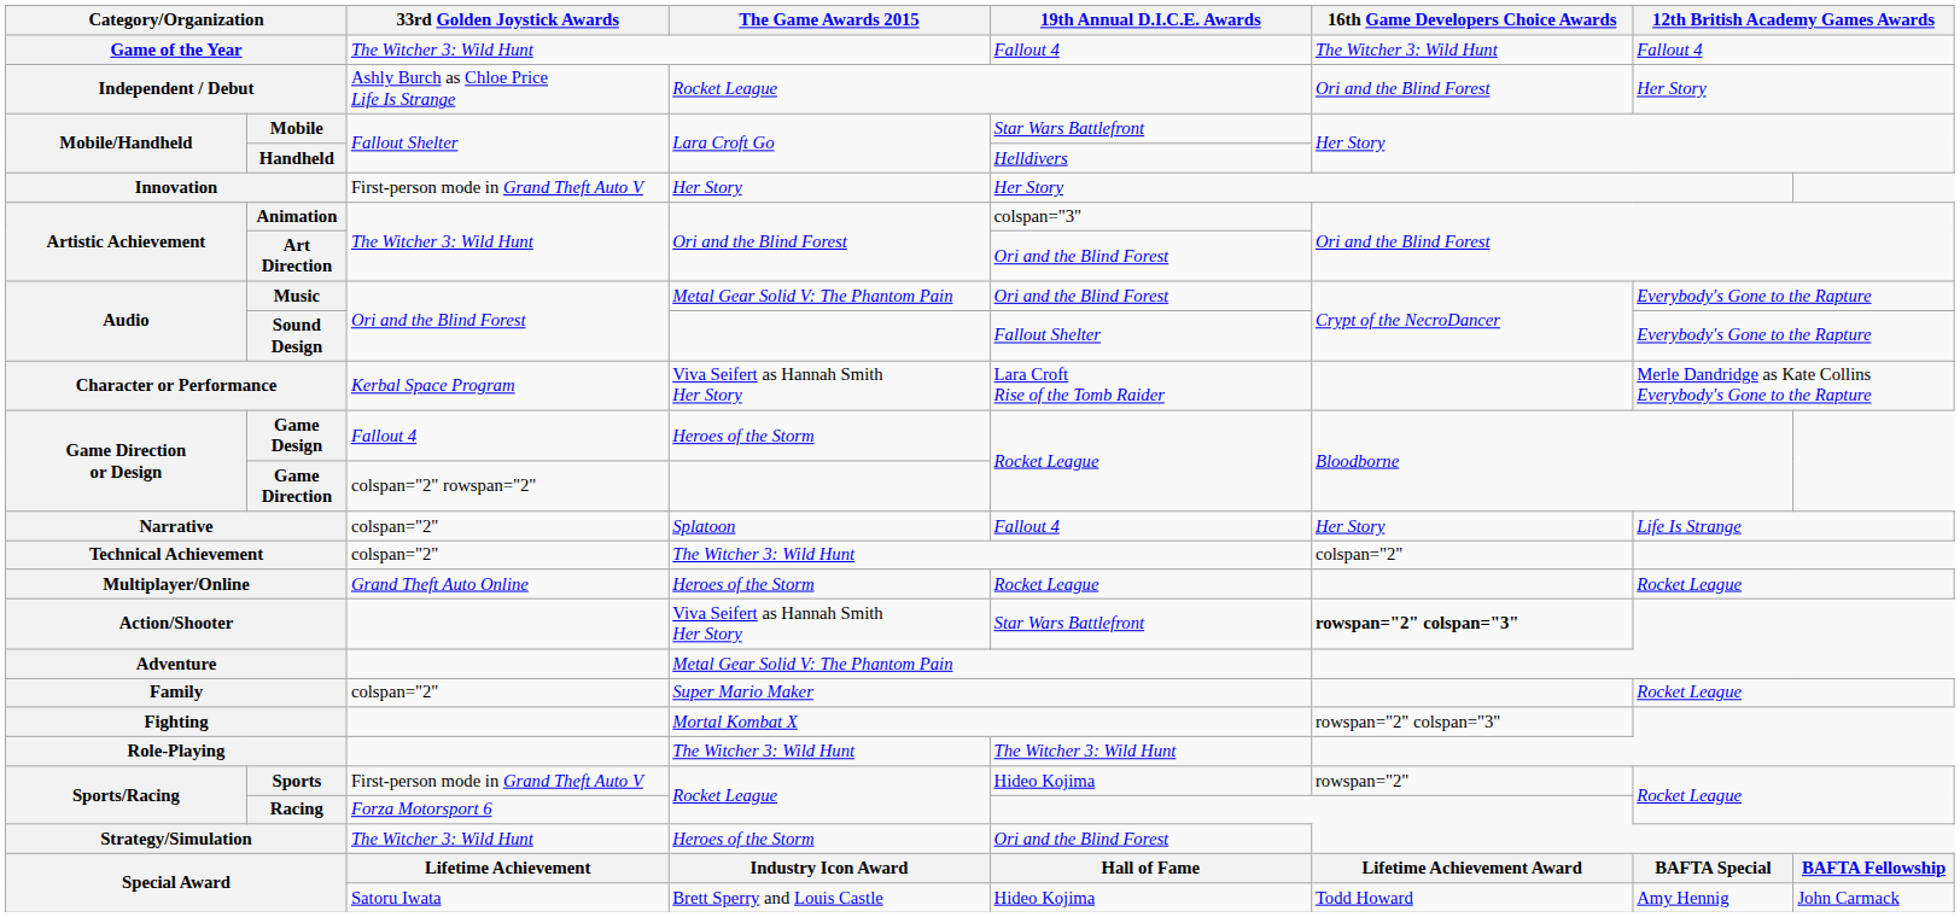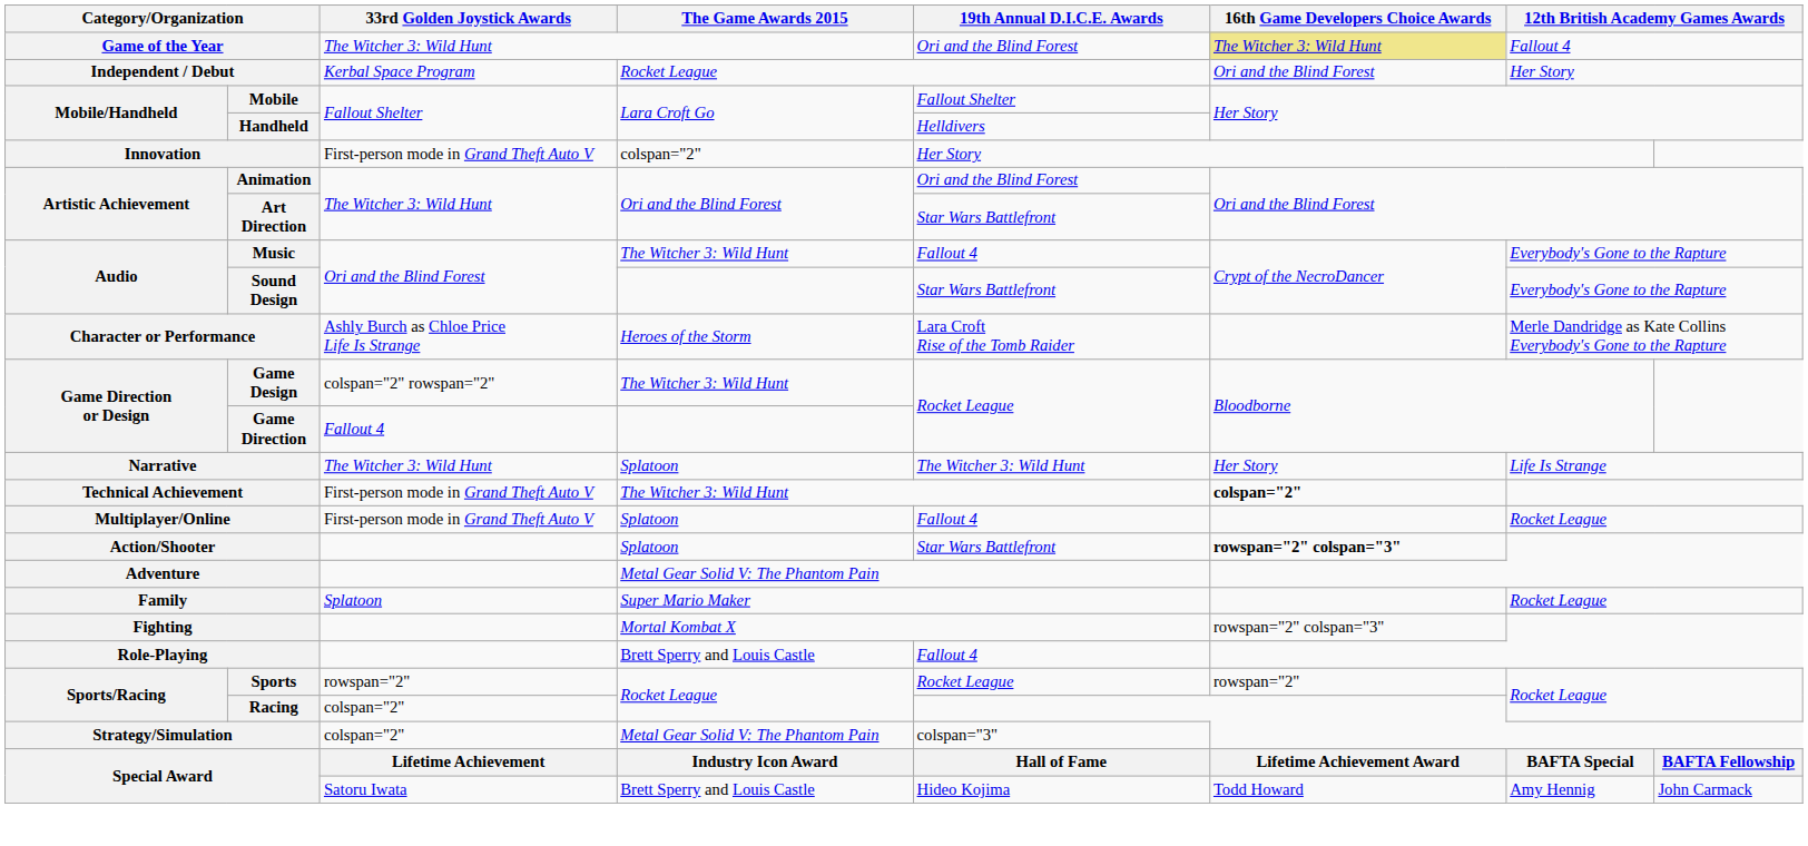 <table class="wikitable" style="border:none; margin:0; width:100%; font-size: 90%;">
 <tr>
 <th colspan="2" style="width:17%;">Category/Organization</th>
 <th style="width:16%;">33rd <a href='#'>Golden Joystick Awards</a><br></th>
 <th style="width:16%;"><a href='#'>The Game Awards 2015</a><br></th>
 <th style="width:16%;"><a href='#'>19th Annual D.I.C.E. Awards</a><br></th>
 <th style="width:16%;">16th <a href='#'>Game Developers Choice Awards</a><br></th>
 <th colspan="2" style="width:16%;"><a href='#'>12th British Academy Games Awards</a><br></th>
 </tr>
 <tr>
 <th scope="row" colspan="2"><a href='#'>Game of the Year</a></th>
 <td colspan="2"><em><a href='#'>The Witcher 3: Wild Hunt</a></em></td>
-<td><em><a href='#'>Fallout 4</a></em></td>
-<td><em><a href='#'>The Witcher 3: Wild Hunt</a></em></td>
+<td><em><a href='#'>Ori and the Blind Forest</a></em></td>
+<td style="background: khaki;"><em><a href='#'>The Witcher 3: Wild Hunt</a></em></td>
 <td colspan="2"><em><a href='#'>Fallout 4</a></em></td>
 </tr>
 <tr>
 <th scope="row" colspan="2" style="width:9%;">Independent / Debut</th>
-<td><a href='#'>Ashly Burch</a> as <a href='#'>Chloe Price</a><br><em><a href='#'>Life Is Strange</a></em></td>
+<td><em><a href='#'>Kerbal Space Program</a></em></td>
 <td colspan="2"><em><a href='#'>Rocket League</a></em></td>
 <td><em><a href='#'>Ori and the Blind Forest</a></em></td>
 <td colspan="2"><em><a href='#'>Her Story</a></em></td>
 </tr>
 <tr>
 <th scope="row" rowspan="2" style="width:12%;">Mobile/Handheld</th>
 <th>Mobile</th>
 <td rowspan="2"><em><a href='#'>Fallout Shelter</a></em></td>
 <td rowspan="2"><em><a href='#'>Lara Croft Go</a></em></td>
-<td><em><a href='#'>Star Wars Battlefront</a></em></td>
+<td><em><a href='#'>Fallout Shelter</a></em></td>
 <td rowspan="2" colspan="3"><em><a href='#'>Her Story</a></em></td>
 </tr>
 <tr>
 <th scope="row">Handheld</th>
 <td><em><a href='#'>Helldivers</a></em></td>
 </tr>
 <tr>
 <th scope="row" colspan="2" style="width:9%;">Innovation</th>
 <td>First-person mode in <em><a href='#'>Grand Theft Auto V</a></em></td>
-<td><em><a href='#'>Her Story</a></em></td>
+<td>colspan="2" </td>
 <td colspan="3"><em><a href='#'>Her Story</a></em></td>
 </tr>
 <tr>
 <th scope="row" rowspan="2" style="width:9%;">Artistic Achievement</th>
 <th>Animation</th>
 <td rowspan="2"><em><a href='#'>The Witcher 3: Wild Hunt</a></em></td>
 <td rowspan="2"><em><a href='#'>Ori and the Blind Forest</a></em></td>
-<td>colspan="3" </td>
+<td><em><a href='#'>Ori and the Blind Forest</a></em></td>
 <td rowspan="2" colspan="3"><em><a href='#'>Ori and the Blind Forest</a></em></td>
 </tr>
 <tr>
 <th scope="row">Art Direction</th>
-<td><em><a href='#'>Ori and the Blind Forest</a></em></td>
+<td><em><a href='#'>Star Wars Battlefront</a></em></td>
 </tr>
 <tr>
 <th scope="row" rowspan="2" style="width:12%;">Audio</th>
 <th>Music</th>
 <td rowspan="2"><em><a href='#'>Ori and the Blind Forest</a></em></td>
-<td><em><a href='#'>Metal Gear Solid V: The Phantom Pain</a></em></td>
-<td><em><a href='#'>Ori and the Blind Forest</a></em></td>
+<td><em><a href='#'>The Witcher 3: Wild Hunt</a></em></td>
+<td><em><a href='#'>Fallout 4</a></em></td>
 <td rowspan="2"><em><a href='#'>Crypt of the NecroDancer</a></em></td>
 <td colspan="2"><em><a href='#'>Everybody's Gone to the Rapture</a></em></td>
 </tr>
 <tr>
 <th scope="row">Sound Design</th>
 <td></td>
-<td><em><a href='#'>Fallout Shelter</a></em></td>
+<td><em><a href='#'>Star Wars Battlefront</a></em></td>
 <td colspan="2"><em><a href='#'>Everybody's Gone to the Rapture</a></em></td>
 </tr>
 <tr>
 <th scope="row" colspan="2">Character or Performance</th>
-<td><em><a href='#'>Kerbal Space Program</a></em></td>
-<td><a href='#'>Viva Seifert</a> as Hannah Smith<br><em><a href='#'>Her Story</a></em></td>
+<td><a href='#'>Ashly Burch</a> as <a href='#'>Chloe Price</a><br><em><a href='#'>Life Is Strange</a></em></td>
+<td><em><a href='#'>Heroes of the Storm</a></em></td>
 <td><a href='#'>Lara Croft</a><br><em><a href='#'>Rise of the Tomb Raider</a></em></td>
 <td></td>
 <td colspan="2"><a href='#'>Merle Dandridge</a> as Kate Collins<br><em><a href='#'>Everybody's Gone to the Rapture</a></em></td>
 </tr>
 <tr>
 <th scope="row" rowspan="2">Game Direction<br>or Design</th>
 <th>Game Design</th>
-<td><em><a href='#'>Fallout 4</a></em></td>
-<td><em><a href='#'>Heroes of the Storm</a></em></td>
+<td>colspan="2" rowspan="2" </td>
+<td><em><a href='#'>The Witcher 3: Wild Hunt</a></em></td>
 <td rowspan="2"><em><a href='#'>Rocket League</a></em></td>
 <td colspan="2" rowspan="2"><em><a href='#'>Bloodborne</a></em></td>
 </tr>
 <tr>
 <th scope="row">Game Direction</th>
-<td>colspan="2" rowspan="2" </td>
+<td><em><a href='#'>Fallout 4</a></em></td>
 </tr>
 <tr>
 <th scope="row" colspan="2">Narrative</th>
-<td>colspan="2" </td>
+<td><em><a href='#'>The Witcher 3: Wild Hunt</a></em></td>
 <td><em><a href='#'>Splatoon</a></em></td>
-<td><em><a href='#'>Fallout 4</a></em></td>
+<td><em><a href='#'>The Witcher 3: Wild Hunt</a></em></td>
 <td><em><a href='#'>Her Story</a></em></td>
 <td colspan="2"><em><a href='#'>Life Is Strange</a></em></td>
 </tr>
 <tr>
 <th scope="row" colspan="2">Technical Achievement</th>
-<td>colspan="2" </td>
+<td>First-person mode in <em><a href='#'>Grand Theft Auto V</a></em></td>
 <td colspan="2"><em><a href='#'>The Witcher 3: Wild Hunt</a></em></td>
-<td>colspan="2" </td>
+<td><strong>colspan="2" </strong></td>
 </tr>
 <tr>
 <th scope="row" colspan="2">Multiplayer/Online</th>
-<td><em><a href='#'>Grand Theft Auto Online</a></em></td>
-<td><em><a href='#'>Heroes of the Storm</a></em></td>
-<td><em><a href='#'>Rocket League</a></em></td>
+<td>First-person mode in <em><a href='#'>Grand Theft Auto V</a></em></td>
+<td><em><a href='#'>Splatoon</a></em></td>
+<td><em><a href='#'>Fallout 4</a></em></td>
 <td></td>
 <td colspan="2"><em><a href='#'>Rocket League</a></em></td>
 </tr>
 <tr>
 <th scope="row" colspan="2">Action/Shooter</th>
 <td></td>
-<td><a href='#'>Viva Seifert</a> as Hannah Smith<br><em><a href='#'>Her Story</a></em></td>
+<td><em><a href='#'>Splatoon</a></em></td>
 <td><em><a href='#'>Star Wars Battlefront</a></em></td>
 <td><strong>rowspan="2" colspan="3" </strong></td>
 </tr>
 <tr>
 <th scope="row" colspan="2">Adventure</th>
 <td></td>
 <td colspan="2"><em><a href='#'>Metal Gear Solid V: The Phantom Pain</a></em></td>
 </tr>
 <tr>
 <th scope="row" colspan="2">Family</th>
-<td>colspan="2" </td>
+<td><em><a href='#'>Splatoon</a></em></td>
 <td colspan="2"><em><a href='#'>Super Mario Maker</a></em></td>
 <td></td>
 <td colspan="2"><em><a href='#'>Rocket League</a></em></td>
 </tr>
 <tr>
 <th scope="row" colspan="2">Fighting</th>
 <td></td>
 <td colspan="2"><em><a href='#'>Mortal Kombat X</a></em></td>
 <td>rowspan="2" colspan="3" </td>
 </tr>
 <tr>
 <th scope="row" colspan="2">Role-Playing</th>
 <td></td>
-<td><em><a href='#'>The Witcher 3: Wild Hunt</a></em></td>
-<td><em><a href='#'>The Witcher 3: Wild Hunt</a></em></td>
+<td><a href='#'>Brett Sperry</a> and <a href='#'>Louis Castle</a></td>
+<td><em><a href='#'>Fallout 4</a></em></td>
 </tr>
 <tr>
 <th scope="row" rowspan="2">Sports/Racing</th>
 <th>Sports</th>
-<td>First-person mode in <em><a href='#'>Grand Theft Auto V</a></em></td>
+<td>rowspan="2" </td>
 <td rowspan="2"><em><a href='#'>Rocket League</a></em></td>
-<td><a href='#'>Hideo Kojima</a></td>
+<td><em><a href='#'>Rocket League</a></em></td>
 <td>rowspan="2" </td>
 <td rowspan="2" colspan="2"><em><a href='#'>Rocket League</a></em></td>
 </tr>
 <tr>
 <th>Racing</th>
-<td><em><a href='#'>Forza Motorsport 6</a></em></td>
+<td>colspan="2" </td>
 </tr>
 <tr>
 <th scope="row" colspan="2">Strategy/Simulation</th>
-<td><em><a href='#'>The Witcher 3: Wild Hunt</a></em></td>
-<td><em><a href='#'>Heroes of the Storm</a></em></td>
-<td><em><a href='#'>Ori and the Blind Forest</a></em></td>
+<td>colspan="2" </td>
+<td><em><a href='#'>Metal Gear Solid V: The Phantom Pain</a></em></td>
+<td>colspan="3" </td>
 </tr>
 <tr>
 <th scope="row" colspan="2" rowspan="2">Special Award</th>
 <th>Lifetime Achievement</th>
 <th>Industry Icon Award</th>
 <th>Hall of Fame</th>
 <th>Lifetime Achievement Award</th>
 <th width=8%>BAFTA Special</th>
 <th width=8%><a href='#'>BAFTA Fellowship</a></th>
 </tr>
 <tr>
 <td><a href='#'>Satoru Iwata</a></td>
 <td><a href='#'>Brett Sperry</a> and <a href='#'>Louis Castle</a></td>
 <td><a href='#'>Hideo Kojima</a></td>
 <td><a href='#'>Todd Howard</a></td>
 <td><a href='#'>Amy Hennig</a></td>
 <td><a href='#'>John Carmack</a></td>
 </tr>
 </table>
